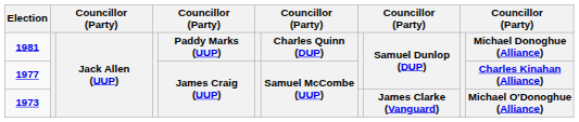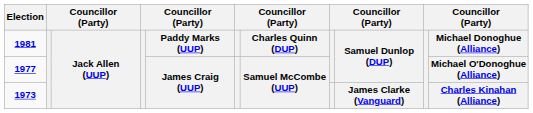 <table class="wikitable" style="text-align:center">
 <tr>
 <th scope="col" width="50">Election</th>
 <th scope="col" width="150" colspan = "2">Councillor<br> (Party)</th>
 <th scope="col" width="150" colspan = "2">Councillor<br> (Party)</th>
 <th scope="col" width="150" colspan = "2">Councillor<br> (Party)</th>
 <th scope="col" width="150" colspan = "2">Councillor<br> (Party)</th>
 <th scope="col" width="150" colspan = "2">Councillor<br> (Party)</th>
 </tr>
 <tr>
 <td><strong><a href='#'>1981</a></strong></td>
 <th rowspan="3" width="1" style="background-color: "></th>
 <th rowspan = "3">Jack Allen <br> (<a href='#'>UUP</a>)</th>
 <th rowspan="3" width="1" style="background-color: "></th>
 <th rowspan = "1">Paddy Marks <br> (<a href='#'>UUP</a>)</th>
 <th rowspan="1" width="1" style="background-color: "></th>
 <th rowspan = "1">Charles Quinn <br> (<a href='#'>DUP</a>)</th>
 <th rowspan="2" width="1" style="background-color: "></th>
 <th rowspan = "2">Samuel Dunlop <br> (<a href='#'>DUP</a>)</th>
 <th rowspan="3" width="1" style="background-color: "></th>
 <th rowspan = "1">Michael Donoghue <br> (<a href='#'>Alliance</a>)</th>
 </tr>
 <tr>
 <td><strong><a href='#'>1977</a></strong></td>
 <th rowspan = "2">James Craig <br> (<a href='#'>UUP</a>)</th>
 <th rowspan="2" width="1" style="background-color: "></th>
 <th rowspan = "2">Samuel McCombe <br> (<a href='#'>UUP</a>)</th>
-<th rowspan = "1"><a href='#'>Charles Kinahan</a> <br> (<a href='#'>Alliance</a>)</th>
+<th rowspan = "1">Michael O'Donoghue <br> (<a href='#'>Alliance</a>)</th>
 </tr>
 <tr>
 <td><strong><a href='#'>1973</a></strong></td>
 <th rowspan="1" width="1" style="background-color: "></th>
 <th rowspan = "1">James Clarke <br> (<a href='#'>Vanguard</a>)</th>
-<th rowspan = "1">Michael O'Donoghue <br> (<a href='#'>Alliance</a>)</th>
+<th rowspan = "1"><a href='#'>Charles Kinahan</a> <br> (<a href='#'>Alliance</a>)</th>
 </tr>
 </table>
